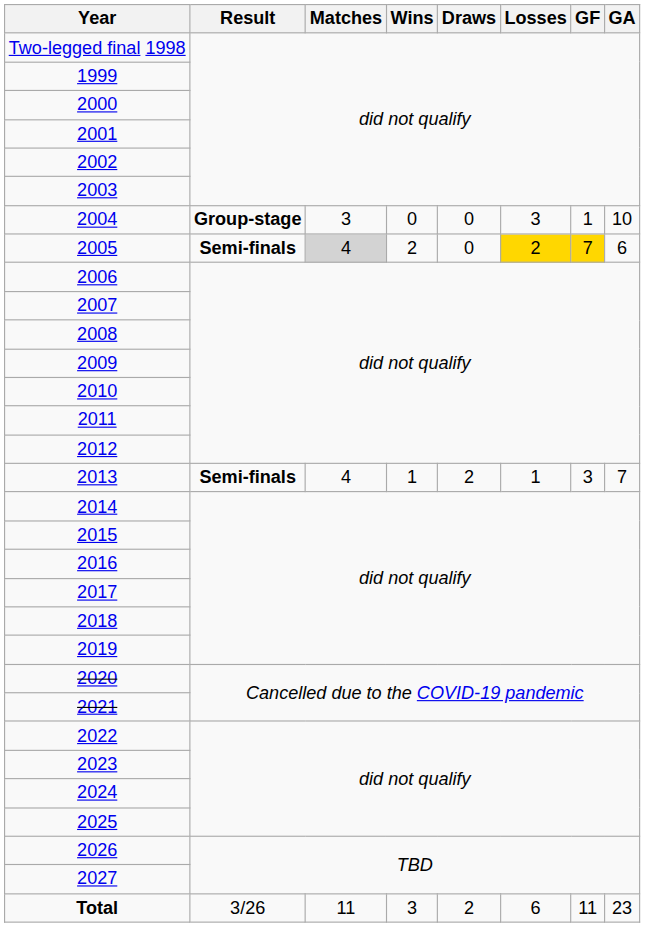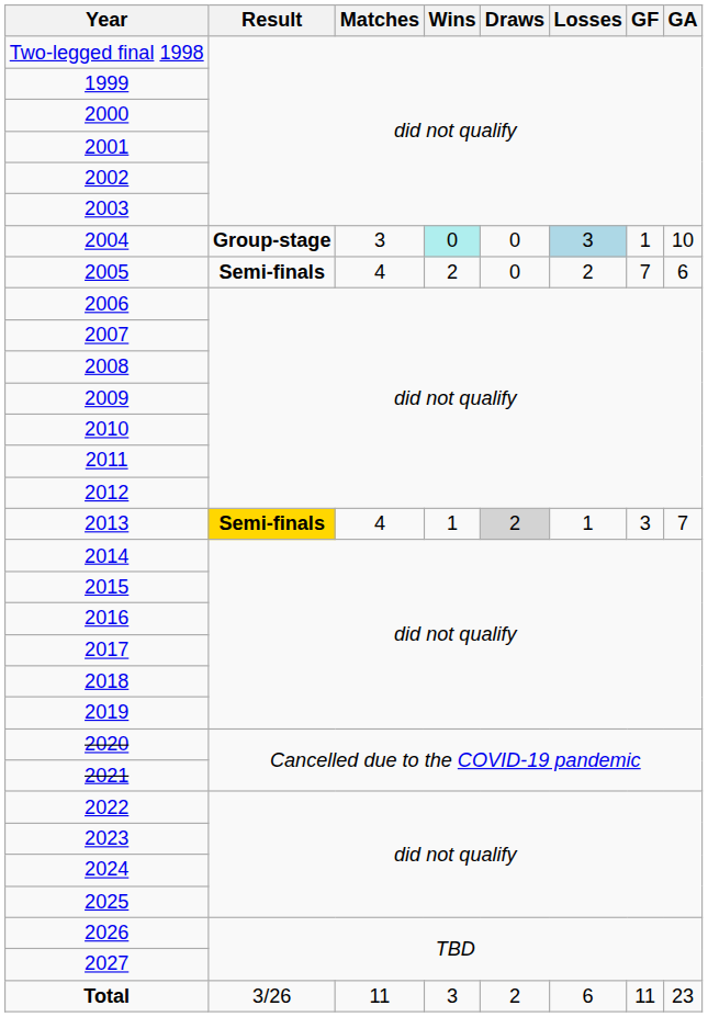 <table class="wikitable" style="text-align: center;">
 <tr>
 <th>Year</th>
 <th>Result</th>
 <th>Matches</th>
 <th>Wins</th>
 <th>Draws</th>
 <th>Losses</th>
 <th>GF</th>
 <th>GA</th>
 </tr>
 <tr>
 <td><a href='#'>Two-legged final</a> <a href='#'>1998</a></td>
 <td colspan=7 rowspan=6><em>did not qualify</em></td>
 </tr>
 <tr>
 <td> <a href='#'>1999</a></td>
 </tr>
 <tr>
 <td> <a href='#'>2000</a></td>
 </tr>
 <tr>
 <td> <a href='#'>2001</a></td>
 </tr>
 <tr>
 <td> <a href='#'>2002</a></td>
 </tr>
 <tr>
 <td> <a href='#'>2003</a></td>
 </tr>
 <tr>
 <td> <a href='#'>2004</a></td>
 <td><strong>Group-stage</strong></td>
 <td>3</td>
+<td style="background: paleturquoise;">0</td>
 <td>0</td>
-<td>0</td>
-<td>3</td>
+<td style="background: lightblue;">3</td>
 <td>1</td>
 <td>10</td>
 </tr>
 <tr>
 <td> <a href='#'>2005</a></td>
 <td><strong>Semi-finals</strong></td>
-<td style="background: lightgrey;">4</td>
+<td>4</td>
 <td>2</td>
 <td>0</td>
-<td style="background: gold;">2</td>
-<td style="background: gold;">7</td>
+<td>2</td>
+<td>7</td>
 <td>6</td>
 </tr>
 <tr>
 <td> <a href='#'>2006</a></td>
 <td colspan=7 rowspan=7><em>did not qualify</em></td>
 </tr>
 <tr>
 <td> <a href='#'>2007</a></td>
 </tr>
 <tr>
 <td> <a href='#'>2008</a></td>
 </tr>
 <tr>
 <td> <a href='#'>2009</a></td>
 </tr>
 <tr>
 <td> <a href='#'>2010</a></td>
 </tr>
 <tr>
 <td> <a href='#'>2011</a></td>
 </tr>
 <tr>
 <td> <a href='#'>2012</a></td>
 </tr>
 <tr>
 <td> <a href='#'>2013</a></td>
-<td><strong>Semi-finals</strong></td>
+<td style="background: gold;"><strong>Semi-finals</strong></td>
 <td>4</td>
 <td>1</td>
-<td>2</td>
+<td style="background: lightgrey;">2</td>
 <td>1</td>
 <td>3</td>
 <td>7</td>
 </tr>
 <tr>
 <td> <a href='#'>2014</a></td>
 <td colspan=7 rowspan=6><em>did not qualify</em></td>
 </tr>
 <tr>
 <td> <a href='#'>2015</a></td>
 </tr>
 <tr>
 <td> <a href='#'>2016</a></td>
 </tr>
 <tr>
 <td> <a href='#'>2017</a></td>
 </tr>
 <tr>
 <td> <a href='#'>2018</a></td>
 </tr>
 <tr>
 <td> <a href='#'>2019</a></td>
 </tr>
 <tr>
 <td> <s><a href='#'>2020</a></s></td>
 <td colspan=7 rowspan=2><em>Cancelled due to the <a href='#'>COVID-19 pandemic</a></em></td>
 </tr>
 <tr>
 <td> <s><a href='#'>2021</a></s></td>
 </tr>
 <tr>
 <td> <a href='#'>2022</a></td>
 <td colspan=7 rowspan=4><em>did not qualify</em></td>
 </tr>
 <tr>
 <td> <a href='#'>2023</a></td>
 </tr>
 <tr>
 <td> <a href='#'>2024</a></td>
 </tr>
 <tr>
 <td> <a href='#'>2025</a></td>
 </tr>
 <tr>
 <td> <a href='#'>2026</a></td>
 <td rowspan=2 colspan=8><em>TBD</em></td>
 </tr>
 <tr>
 <td> <a href='#'>2027</a></td>
 </tr>
 <tr>
 <td><strong>Total</strong></td>
 <td>3/26</td>
 <td>11</td>
 <td>3</td>
 <td>2</td>
 <td>6</td>
 <td>11</td>
 <td>23</td>
 </tr>
 </table>
